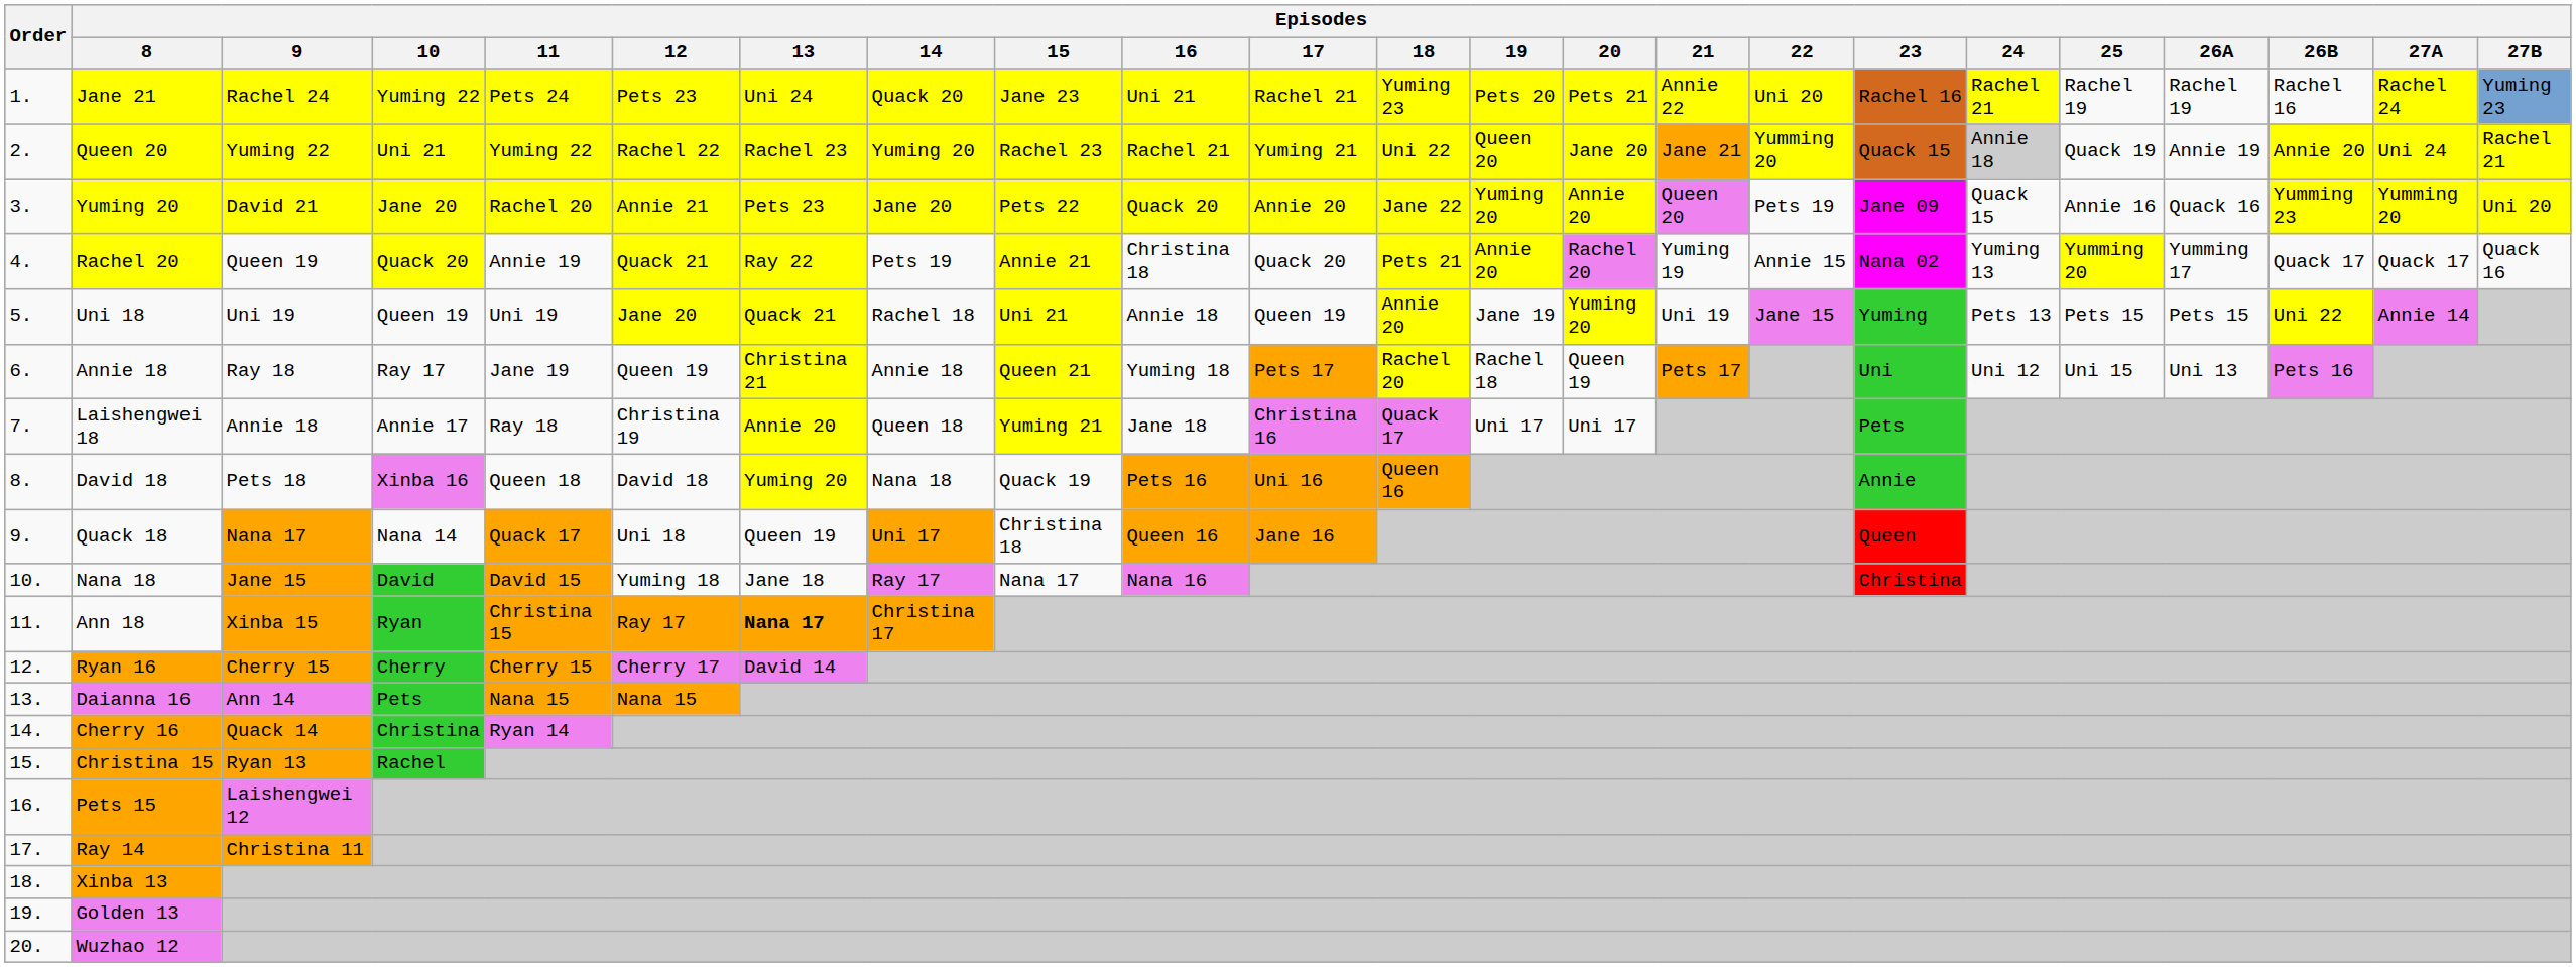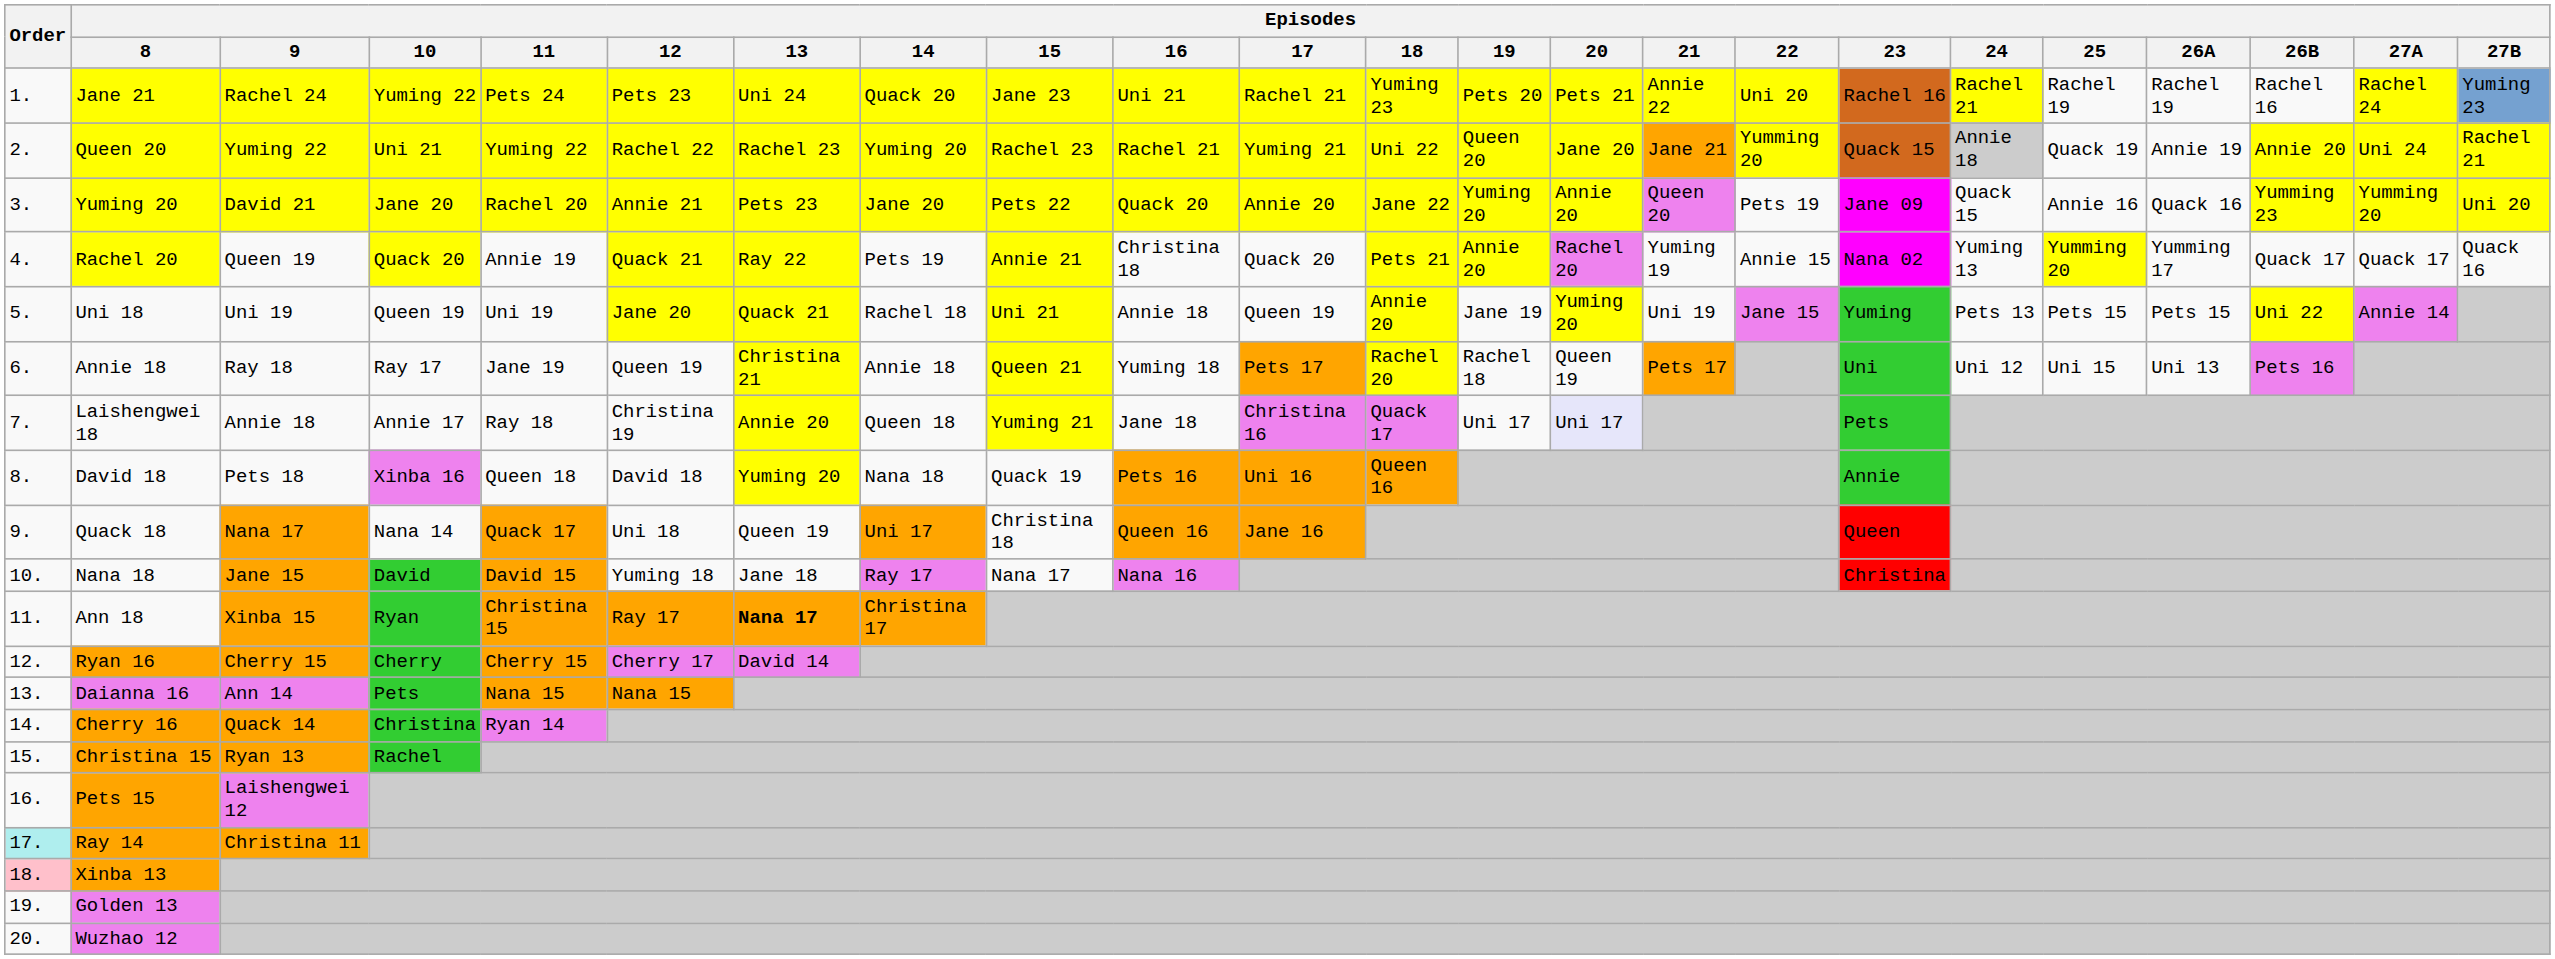 <table class="wikitable" style="font-size:90%;">
 <tr>
 <th rowspan=2>Order</th>
 <th colspan=22>Episodes</th>
 </tr>
 <tr>
 <th>8</th>
 <th>9</th>
 <th>10</th>
 <th>11</th>
 <th>12</th>
 <th>13</th>
 <th>14</th>
 <th>15</th>
 <th>16</th>
 <th>17</th>
 <th>18</th>
 <th>19</th>
 <th>20</th>
 <th>21</th>
 <th>22</th>
 <th>23</th>
 <th>24</th>
 <th>25</th>
 <th>26A</th>
 <th>26B</th>
 <th>27A</th>
 <th>27B</th>
 </tr>
 <tr>
 <td>1.</td>
 <td style="background:yellow">Jane 21</td>
 <td style="background:yellow">Rachel 24</td>
 <td style="background:yellow">Yuming 22</td>
 <td style="background:yellow">Pets 24</td>
 <td style="background:yellow">Pets 23</td>
 <td style="background:yellow">Uni 24</td>
 <td style="background:yellow">Quack 20</td>
 <td style="background:yellow">Jane 23</td>
 <td style="background:yellow">Uni 21</td>
 <td style="background:yellow">Rachel 21</td>
 <td style="background:yellow">Yuming 23</td>
 <td style="background:yellow">Pets 20</td>
 <td style="background:yellow">Pets 21</td>
 <td style="background:yellow">Annie 22</td>
 <td style="background:yellow">Uni 20</td>
 <td style="background:chocolate">Rachel 16</td>
 <td style="background:yellow">Rachel 21</td>
 <td>Rachel 19</td>
 <td>Rachel 19</td>
 <td>Rachel 16</td>
 <td style="background:yellow">Rachel 24</td>
 <td style="background:#75A1D0">Yuming 23</td>
 </tr>
 <tr>
 <td>2.</td>
 <td style="background:yellow">Queen 20</td>
 <td style="background:yellow">Yuming 22</td>
 <td style="background:yellow">Uni 21</td>
 <td style="background:yellow">Yuming 22</td>
 <td style="background:yellow">Rachel 22</td>
 <td style="background:yellow">Rachel 23</td>
 <td style="background:yellow">Yuming 20</td>
 <td style="background:yellow">Rachel 23</td>
 <td style="background:yellow">Rachel 21</td>
 <td style="background:yellow">Yuming 21</td>
 <td style="background:yellow">Uni 22</td>
 <td style="background:yellow">Queen 20</td>
 <td style="background:yellow">Jane 20</td>
 <td style="background:orange">Jane 21</td>
 <td style="background:yellow">Yumming 20</td>
 <td style="background:chocolate">Quack 15</td>
 <td style="background:#CCCCCC">Annie 18</td>
 <td>Quack 19</td>
 <td>Annie 19</td>
 <td style="background:yellow">Annie 20</td>
 <td style="background:yellow">Uni 24</td>
 <td style="background:yellow">Rachel 21</td>
 </tr>
 <tr>
 <td>3.</td>
 <td style="background:yellow">Yuming 20</td>
 <td style="background:yellow">David 21</td>
 <td style="background:yellow">Jane 20</td>
 <td style="background:yellow">Rachel 20</td>
 <td style="background:yellow">Annie 21</td>
 <td style="background:yellow">Pets 23</td>
 <td style="background:yellow">Jane 20</td>
 <td style="background:yellow">Pets 22</td>
 <td style="background:yellow">Quack 20</td>
 <td style="background:yellow">Annie 20</td>
 <td style="background:yellow">Jane 22</td>
 <td style="background:yellow">Yuming 20</td>
 <td style="background:yellow">Annie 20</td>
 <td style="background:violet">Queen 20</td>
 <td>Pets 19</td>
 <td style="background:fuchsia">Jane 09</td>
 <td>Quack 15</td>
 <td>Annie 16</td>
 <td>Quack 16</td>
 <td style="background:yellow">Yumming 23</td>
 <td style="background:yellow">Yumming  20</td>
 <td style="background:yellow">Uni 20</td>
 </tr>
 <tr>
 <td>4.</td>
 <td style="background:yellow">Rachel  20</td>
 <td>Queen  19</td>
 <td style="background:yellow">Quack 20</td>
 <td>Annie 19</td>
 <td style="background:yellow">Quack 21</td>
 <td style="background:yellow">Ray 22</td>
 <td>Pets 19</td>
 <td style="background:yellow">Annie 21</td>
 <td>Christina 18</td>
 <td>Quack 20</td>
 <td style="background:yellow">Pets 21</td>
 <td style="background:yellow">Annie 20</td>
 <td style="background:violet">Rachel 20</td>
 <td>Yuming 19</td>
 <td>Annie 15</td>
 <td style="background:fuchsia">Nana 02</td>
 <td>Yuming 13</td>
 <td style="background:yellow">Yumming 20</td>
 <td>Yumming 17</td>
 <td>Quack 17</td>
 <td>Quack 17</td>
 <td>Quack 16</td>
 </tr>
 <tr>
 <td>5.</td>
 <td>Uni  18</td>
 <td>Uni  19</td>
 <td>Queen 19</td>
 <td>Uni 19</td>
 <td style="background:yellow">Jane 20</td>
 <td style="background:yellow">Quack 21</td>
 <td>Rachel 18</td>
 <td style="background:yellow">Uni 21</td>
 <td>Annie 18</td>
 <td>Queen 19</td>
 <td style="background:yellow">Annie 20</td>
 <td>Jane 19</td>
 <td style="background:yellow">Yuming 20</td>
 <td>Uni 19</td>
 <td style="background:violet">Jane 15</td>
 <td style="background:limegreen">Yuming</td>
 <td>Pets 13</td>
 <td>Pets 15</td>
 <td>Pets 15</td>
 <td style="background:yellow">Uni 22</td>
 <td style="background:violet">Annie 14</td>
 <td style="background:#CCCCCC;"></td>
 </tr>
 <tr>
 <td>6.</td>
 <td>Annie 18</td>
 <td>Ray 18</td>
 <td>Ray 17</td>
 <td>Jane 19</td>
 <td>Queen 19</td>
 <td style="background:yellow">Christina 21</td>
 <td>Annie 18</td>
 <td style="background:yellow">Queen 21</td>
 <td>Yuming 18</td>
 <td style="background:orange">Pets 17</td>
 <td style="background:yellow">Rachel 20</td>
 <td>Rachel 18</td>
 <td>Queen 19</td>
 <td style="background:orange">Pets 17</td>
 <td style="background:#CCCCCC;"></td>
 <td style="background:limegreen">Uni</td>
 <td>Uni 12</td>
 <td>Uni 15</td>
 <td>Uni 13</td>
 <td style="background:violet">Pets 16</td>
 <td style="background:#CCCCCC;" colspan=2></td>
 </tr>
 <tr>
 <td>7.</td>
 <td>Laishengwei 18</td>
 <td>Annie 18</td>
 <td>Annie 17</td>
 <td>Ray 18</td>
 <td>Christina 19</td>
 <td style="background:yellow">Annie 20</td>
 <td>Queen 18</td>
 <td style="background:yellow">Yuming 21</td>
 <td>Jane 18</td>
 <td style="background:violet">Christina 16</td>
 <td style="background:violet">Quack 17</td>
 <td>Uni 17</td>
-<td>Uni 17</td>
+<td style="background: lavender;">Uni 17</td>
 <td style="background:#CCCCCC;" colspan=2></td>
 <td style="background:limegreen">Pets</td>
 <td style="background:#CCCCCC;" colspan=6></td>
 </tr>
 <tr>
 <td>8.</td>
 <td>David 18</td>
 <td>Pets  18</td>
 <td style="background:violet">Xinba 16</td>
 <td>Queen 18</td>
 <td>David 18</td>
 <td style="background:yellow">Yuming 20</td>
 <td>Nana 18</td>
 <td>Quack 19</td>
 <td style="background:orange">Pets 16</td>
 <td style="background:orange">Uni 16</td>
 <td style="background:orange">Queen 16</td>
 <td style="background:#CCCCCC;" colspan=4></td>
 <td style="background:limegreen">Annie</td>
 <td style="background:#CCCCCC;" colspan=6></td>
 </tr>
 <tr>
 <td>9.</td>
 <td>Quack  18</td>
 <td style="background:orange">Nana 17</td>
 <td>Nana 14</td>
 <td style="background:orange">Quack 17</td>
 <td>Uni  18</td>
 <td>Queen 19</td>
 <td style="background:orange">Uni 17</td>
 <td>Christina 18</td>
 <td style="background:orange">Queen 16</td>
 <td style="background:orange">Jane 16</td>
 <td style="background:#CCCCCC;" colspan=5></td>
 <td style="background:red">Queen</td>
 <td style="background:#CCCCCC;" colspan=6></td>
 </tr>
 <tr>
 <td>10.</td>
 <td>Nana 18</td>
 <td style="background:orange">Jane 15</td>
 <td style="background:limegreen;">David</td>
 <td style="background:orange">David 15</td>
 <td>Yuming 18</td>
 <td>Jane 18</td>
 <td style="background:violet">Ray 17</td>
 <td>Nana 17</td>
 <td style="background:violet">Nana 16</td>
 <td style="background:#CCCCCC;" colspan=6></td>
 <td style="background:red">Christina</td>
 <td style="background:#CCCCCC;" colspan=6></td>
 </tr>
 <tr>
 <td>11.</td>
 <td>Ann 18</td>
 <td style="background:orange">Xinba 15</td>
 <td style="background:limegreen;">Ryan</td>
 <td style="background:orange">Christina 15</td>
 <td style="background:orange">Ray 17</td>
 <td style="background:orange"><strong>Nana 17</strong></td>
 <td style="background:orange">Christina 17</td>
 <td style="background:#CCCCCC;" colspan=15></td>
 </tr>
 <tr>
 <td>12.</td>
 <td style="background:orange">Ryan 16</td>
 <td style="background:orange">Cherry 15</td>
 <td style="background:limegreen;">Cherry</td>
 <td style="background:orange">Cherry 15</td>
 <td style="background:violet">Cherry 17</td>
 <td style="background:violet">David 14</td>
 <td style="background:#CCCCCC;" colspan=16></td>
 </tr>
 <tr>
 <td>13.</td>
 <td style="background:violet">Daianna 16</td>
 <td style="background:violet">Ann 14</td>
 <td style="background:limegreen;">Pets</td>
 <td style="background:orange">Nana 15</td>
 <td style="background:orange">Nana 15</td>
 <td style="background:#CCCCCC;" colspan=17></td>
 </tr>
 <tr>
 <td>14.</td>
 <td style="background:orange">Cherry 16</td>
 <td style="background:orange">Quack 14</td>
 <td style="background:limegreen;">Christina</td>
 <td style="background:violet">Ryan 14</td>
 <td style="background:#CCCCCC;" colspan=18></td>
 </tr>
 <tr>
 <td>15.</td>
 <td style="background:orange">Christina  15</td>
 <td style="background:orange">Ryan 13</td>
 <td style="background:limegreen;">Rachel</td>
 <td style="background:#CCCCCC;" colspan=19></td>
 </tr>
 <tr>
 <td>16.</td>
 <td style="background:orange">Pets  15</td>
 <td style="background:violet">Laishengwei 12</td>
 <td style="background:#CCCCCC;" colspan=20></td>
 </tr>
 <tr>
-<td>17.</td>
+<td style="background: paleturquoise;">17.</td>
 <td style="background:orange">Ray 14</td>
 <td style="background:orange">Christina 11</td>
 <td style="background:#CCCCCC;" colspan=20></td>
 </tr>
 <tr>
-<td>18.</td>
+<td style="background: pink;">18.</td>
 <td style="background:orange">Xinba 13</td>
 <td style="background:#CCCCCC;" colspan=21></td>
 </tr>
 <tr>
 <td>19.</td>
 <td style="background:violet">Golden 13</td>
 <td style="background:#CCCCCC;" colspan=21></td>
 </tr>
 <tr>
 <td>20.</td>
 <td style="background:violet">Wuzhao 12</td>
 <td style="background:#CCCCCC;" colspan=21></td>
 </tr>
 </table>
